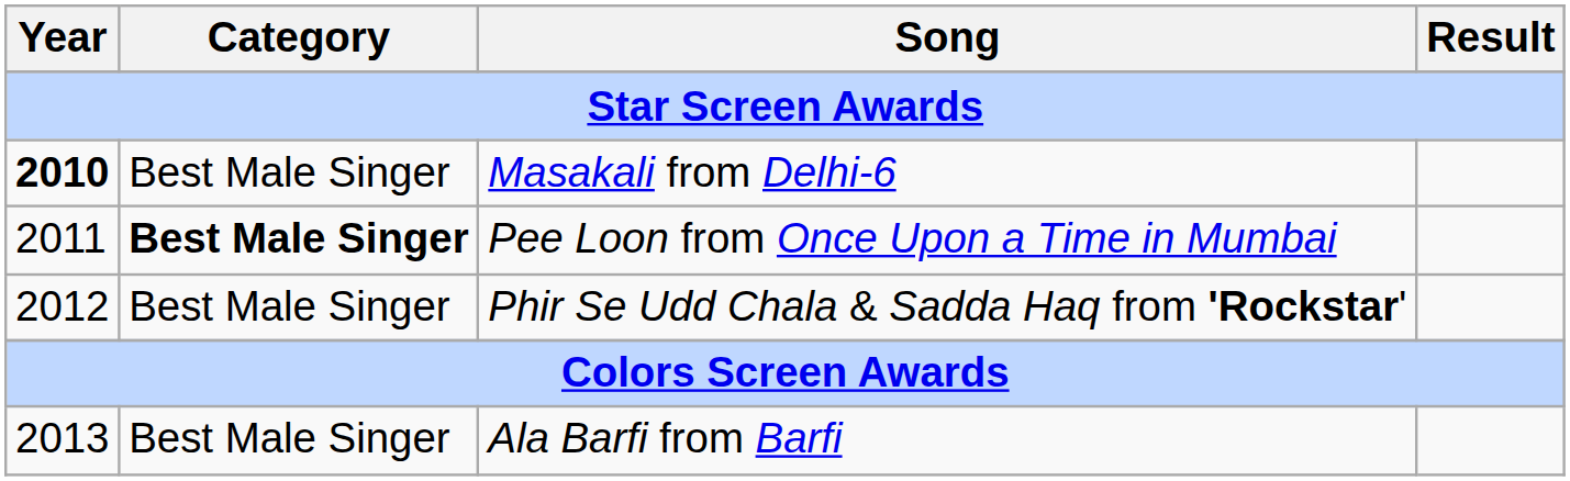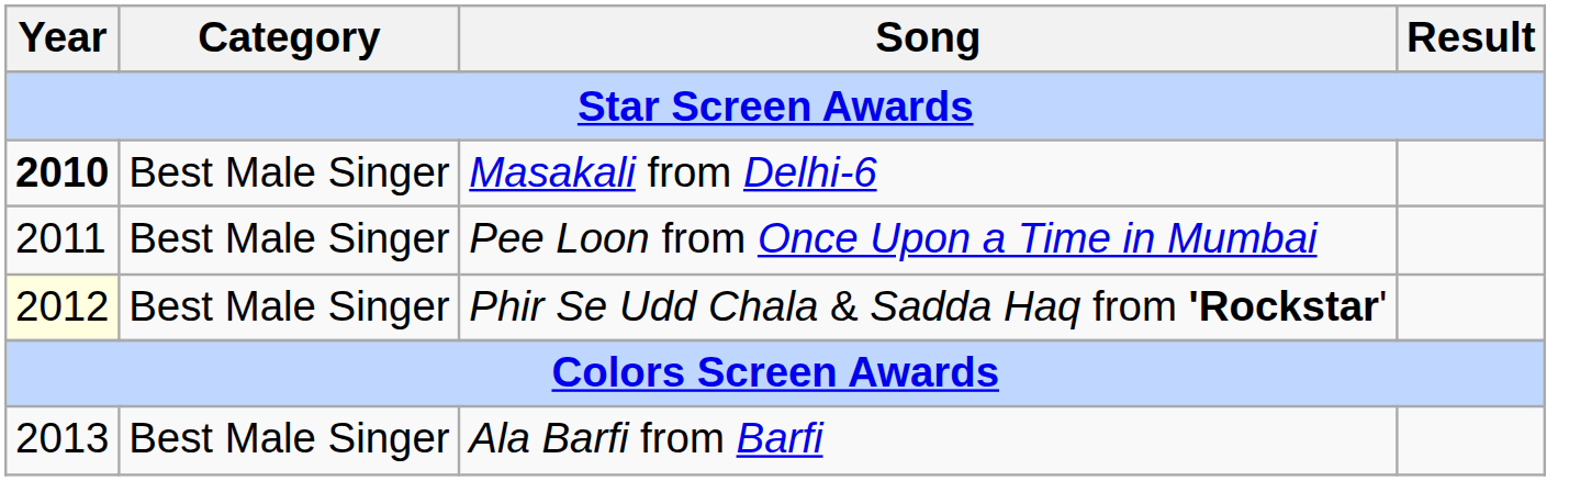 <table class="wikitable">
 <tr ---- bgcolor="#ebf5ff">
 <th>Year</th>
 <th>Category</th>
 <th>Song</th>
 <th>Result</th>
 </tr>
 <tr>
 </tr>
 <tr ---- bgcolor="#bfd7ff">
 <td colspan=5 align=center><strong><a href='#'>Star Screen Awards</a></strong></td>
 </tr>
 <tr>
 <td><strong>2010</strong></td>
 <td>Best Male Singer</td>
 <td><em><a href='#'>Masakali</a></em> from <em><a href='#'>Delhi-6</a></em></td>
 <td></td>
 </tr>
 <tr>
 <td>2011</td>
-<td><strong>Best Male Singer</strong></td>
+<td>Best Male Singer</td>
 <td><em>Pee Loon</em> from <em><a href='#'>Once Upon a Time in Mumbai</a></em></td>
 <td></td>
 </tr>
 <tr>
-<td>2012</td>
+<td style="background: lightyellow;">2012</td>
 <td>Best Male Singer</td>
 <td><em>Phir Se Udd Chala</em> & <em>Sadda Haq</em> from <strong>'Rockstar</strong>'</td>
 <td></td>
 </tr>
 <tr>
 </tr>
 <tr ---- bgcolor="#bfd7ff">
 <td colspan=5 align=center><strong><a href='#'>Colors Screen Awards</a></strong></td>
 </tr>
 <tr>
 <td>2013</td>
 <td>Best Male Singer</td>
 <td><em>Ala Barfi</em> from <em><a href='#'>Barfi</a></em></td>
 <td></td>
 </tr>
 </table>
